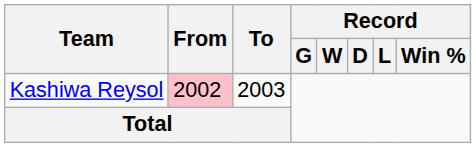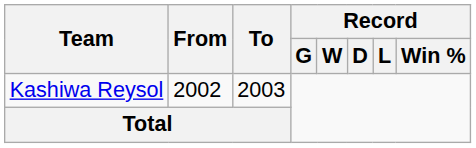 <table class="wikitable" style="text-align: center">
 <tr>
 <th rowspan="2">Team</th>
 <th rowspan="2">From</th>
 <th rowspan="2">To</th>
 <th colspan="5">Record</th>
 </tr>
 <tr>
 <th>G</th>
 <th>W</th>
 <th>D</th>
 <th>L</th>
 <th>Win %</th>
 </tr>
 <tr>
 <td align="left"><a href='#'>Kashiwa Reysol</a></td>
-<td align="left" style="background: pink;">2002</td>
+<td align="left">2002</td>
 <td align="left">2003<br></td>
 </tr>
 <tr>
 <th colspan="3">Total<br></th>
 </tr>
 </table>
